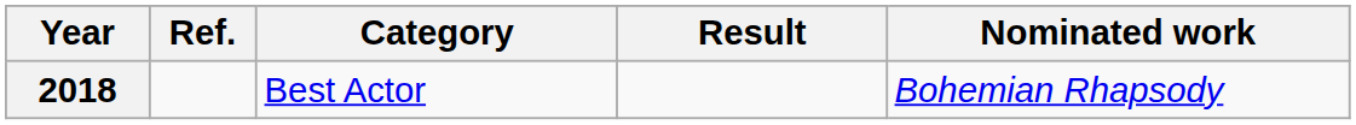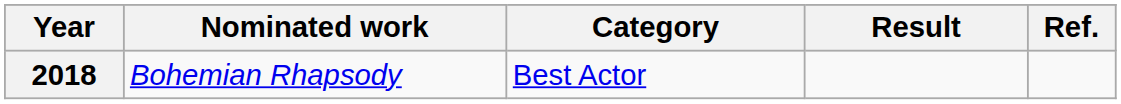 <table class="wikitable">
 <tr>
 <th width=2%>Year</th>
-<th width=1%>Ref.</th>
+<th width=11%>Nominated work</th>
 <th width=8%>Category</th>
 <th width=6%>Result</th>
-<th width=11%>Nominated work</th>
+<th width=1%>Ref.</th>
 </tr>
 <tr>
 <th scope=row>2018</th>
-<td style="text-align:center;"></td>
+<td><em><a href='#'>Bohemian Rhapsody</a></em></td>
 <td><a href='#'>Best Actor</a></td>
 <td></td>
-<td><em><a href='#'>Bohemian Rhapsody</a></em></td>
+<td style="text-align:center;"></td>
 </tr>
 </table>
